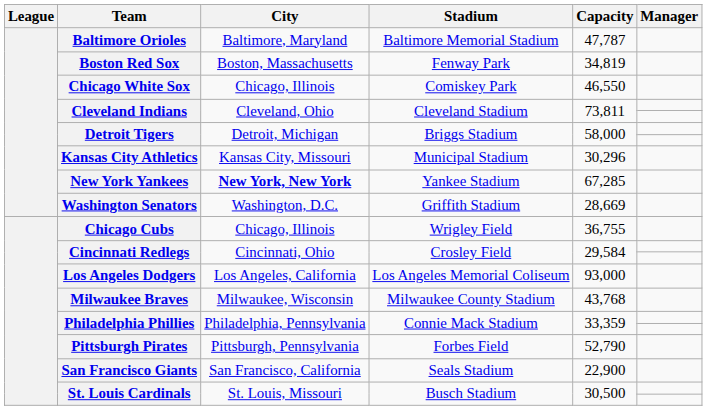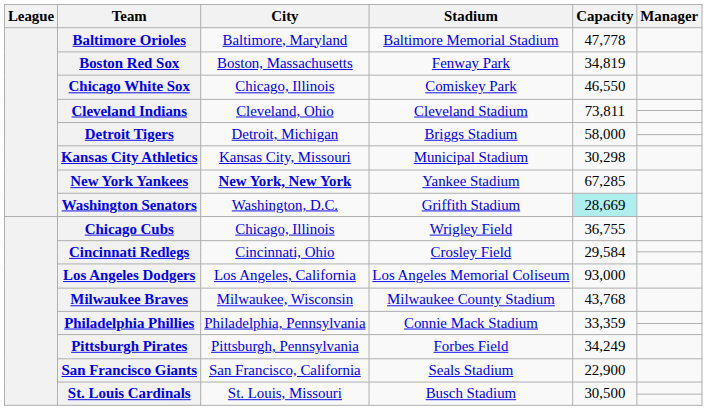 <table class="wikitable sortable plainrowheaders" style="text-align:center;">
 <tr>
 <th scope="col">League</th>
 <th scope="col">Team</th>
 <th scope="col">City</th>
 <th scope="col">Stadium</th>
 <th scope="col">Capacity</th>
 <th scope="col">Manager</th>
 </tr>
 <tr>
 <th rowspan="10"></th>
 <th scope="row"><a href='#'>Baltimore Orioles</a></th>
 <td><a href='#'>Baltimore, Maryland</a></td>
 <td><a href='#'>Baltimore Memorial Stadium</a></td>
-<td>47,787</td>
+<td>47,778</td>
 <td></td>
 </tr>
 <tr>
 <th scope="row"><a href='#'>Boston Red Sox</a></th>
 <td><a href='#'>Boston, Massachusetts</a></td>
 <td><a href='#'>Fenway Park</a></td>
 <td>34,819</td>
 <td></td>
 </tr>
 <tr>
 <th scope="row"><a href='#'>Chicago White Sox</a></th>
 <td><a href='#'>Chicago, Illinois</a></td>
 <td><a href='#'>Comiskey Park</a></td>
 <td>46,550</td>
 <td></td>
 </tr>
 <tr>
 <th rowspan="2" scope="row"><a href='#'>Cleveland Indians</a></th>
 <td rowspan="2"><a href='#'>Cleveland, Ohio</a></td>
 <td rowspan="2"><a href='#'>Cleveland Stadium</a></td>
 <td rowspan="2">73,811</td>
 <td></td>
 </tr>
 <tr>
 <td></td>
 </tr>
 <tr>
 <th rowspan="2" scope="row"><a href='#'>Detroit Tigers</a></th>
 <td rowspan="2"><a href='#'>Detroit, Michigan</a></td>
 <td rowspan="2"><a href='#'>Briggs Stadium</a></td>
 <td rowspan="2">58,000</td>
 <td></td>
 </tr>
 <tr>
 <td></td>
 </tr>
 <tr>
 <th scope="row"><a href='#'>Kansas City Athletics</a></th>
 <td><a href='#'>Kansas City, Missouri</a></td>
 <td><a href='#'>Municipal Stadium</a></td>
-<td>30,296</td>
+<td>30,298</td>
 <td></td>
 </tr>
 <tr>
 <th scope="row"><a href='#'>New York Yankees</a></th>
 <td><strong><a href='#'>New York, New York</a></strong></td>
 <td><a href='#'>Yankee Stadium</a></td>
 <td>67,285</td>
 <td></td>
 </tr>
 <tr>
 <th scope="row"><a href='#'>Washington Senators</a></th>
 <td><a href='#'>Washington, D.C.</a></td>
 <td><a href='#'>Griffith Stadium</a></td>
-<td>28,669</td>
+<td style="background: paleturquoise;">28,669</td>
 <td></td>
 </tr>
 <tr>
 <th rowspan="11"></th>
 <th scope="row"><a href='#'>Chicago Cubs</a></th>
 <td><a href='#'>Chicago, Illinois</a></td>
 <td><a href='#'>Wrigley Field</a></td>
 <td>36,755</td>
 <td></td>
 </tr>
 <tr>
 <th rowspan="2" scope="row"><a href='#'>Cincinnati Redlegs</a></th>
 <td rowspan="2"><a href='#'>Cincinnati, Ohio</a></td>
 <td rowspan="2"><a href='#'>Crosley Field</a></td>
 <td rowspan="2">29,584</td>
 <td></td>
 </tr>
 <tr>
 <td></td>
 </tr>
 <tr>
 <th scope="row"><a href='#'>Los Angeles Dodgers</a></th>
 <td><a href='#'>Los Angeles, California</a></td>
 <td><a href='#'>Los Angeles Memorial Coliseum</a></td>
 <td>93,000</td>
 <td></td>
 </tr>
 <tr>
 <th scope="row"><a href='#'>Milwaukee Braves</a></th>
 <td><a href='#'>Milwaukee, Wisconsin</a></td>
 <td><a href='#'>Milwaukee County Stadium</a></td>
 <td>43,768</td>
 <td></td>
 </tr>
 <tr>
 <th rowspan="2" scope="row"><a href='#'>Philadelphia Phillies</a></th>
 <td rowspan="2"><a href='#'>Philadelphia, Pennsylvania</a></td>
 <td rowspan="2"><a href='#'>Connie Mack Stadium</a></td>
 <td rowspan="2">33,359</td>
 <td></td>
 </tr>
 <tr>
 <td></td>
 </tr>
 <tr>
 <th scope="row"><a href='#'>Pittsburgh Pirates</a></th>
 <td><a href='#'>Pittsburgh, Pennsylvania</a></td>
 <td><a href='#'>Forbes Field</a></td>
-<td>52,790</td>
+<td>34,249</td>
 <td></td>
 </tr>
 <tr>
 <th scope="row"><a href='#'>San Francisco Giants</a></th>
 <td><a href='#'>San Francisco, California</a></td>
 <td><a href='#'>Seals Stadium</a></td>
 <td>22,900</td>
 <td></td>
 </tr>
 <tr>
 <th rowspan="2" scope="row"><a href='#'>St. Louis Cardinals</a></th>
 <td rowspan="2"><a href='#'>St. Louis, Missouri</a></td>
 <td rowspan="2"><a href='#'>Busch Stadium</a></td>
 <td rowspan="2">30,500</td>
 <td></td>
 </tr>
 <tr>
 <td></td>
 </tr>
 </table>
